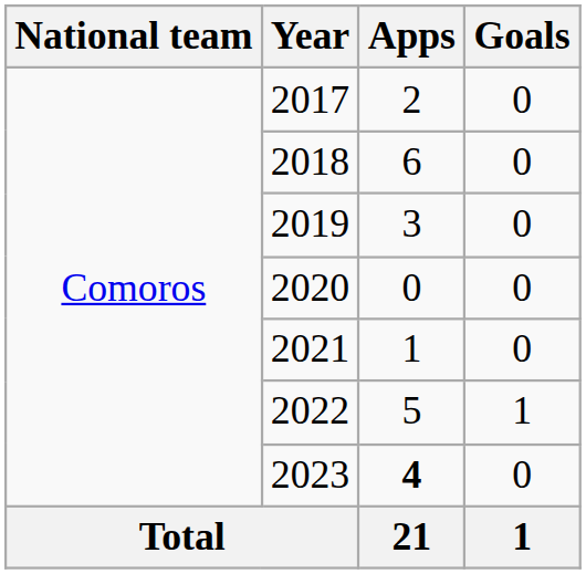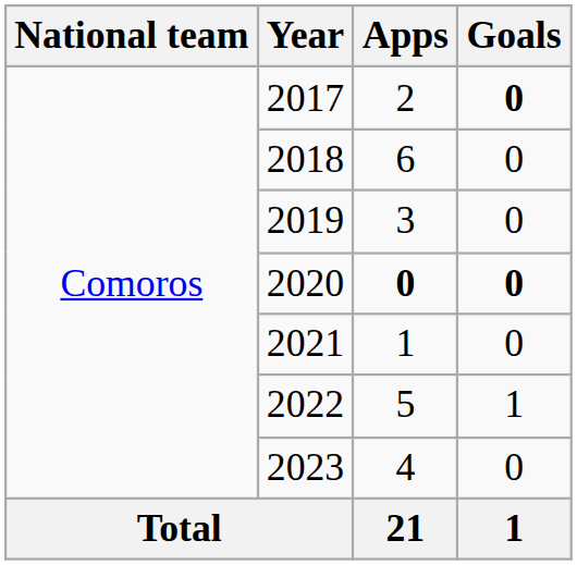 <table class=wikitable style=text-align:center>
 <tr>
 <th>National team</th>
 <th>Year</th>
 <th>Apps</th>
 <th>Goals</th>
 </tr>
 <tr>
 <td rowspan="7"><a href='#'>Comoros</a></td>
 <td>2017</td>
 <td>2</td>
-<td>0</td>
+<td><strong>0</strong></td>
 </tr>
 <tr>
 <td>2018</td>
 <td>6</td>
 <td>0</td>
 </tr>
 <tr>
 <td>2019</td>
 <td>3</td>
 <td>0</td>
 </tr>
 <tr>
 <td>2020</td>
-<td>0</td>
-<td>0</td>
+<td><strong>0</strong></td>
+<td><strong>0</strong></td>
 </tr>
 <tr>
 <td>2021</td>
 <td>1</td>
 <td>0</td>
 </tr>
 <tr>
 <td>2022</td>
 <td>5</td>
 <td>1</td>
 </tr>
 <tr>
 <td>2023</td>
-<td><strong>4</strong></td>
+<td>4</td>
 <td>0</td>
 </tr>
 <tr>
 <th colspan="2">Total</th>
 <th>21</th>
 <th>1</th>
 </tr>
 </table>
